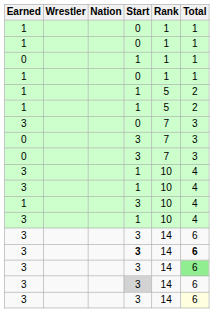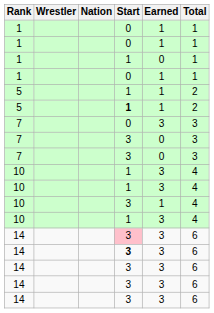 <table class="wikitable sortable" style="text-align:center;">
 <tr>
-<th>Earned</th>
+<th>Rank</th>
 <th>Wrestler</th>
 <th>Nation</th>
 <th>Start</th>
-<th>Rank</th>
+<th>Earned</th>
 <th>Total</th>
 </tr>
 <tr style="background:#cfc;">
 <td>1</td>
 <td align=left></td>
 <td align=left></td>
 <td>0</td>
 <td>1</td>
 <td>1</td>
 </tr>
 <tr style="background:#cfc;">
 <td>1</td>
 <td align=left></td>
 <td align=left></td>
 <td>0</td>
 <td>1</td>
 <td>1</td>
 </tr>
 <tr style="background:#cfc;">
-<td>0</td>
+<td>1</td>
 <td align=left></td>
 <td align=left></td>
 <td>1</td>
-<td>1</td>
+<td>0</td>
 <td>1</td>
 </tr>
 <tr style="background:#cfc;">
 <td>1</td>
 <td align=left></td>
 <td align=left></td>
 <td>0</td>
 <td>1</td>
 <td>1</td>
 </tr>
 <tr style="background:#cfc;">
-<td>1</td>
+<td>5</td>
 <td align=left></td>
 <td align=left></td>
 <td>1</td>
-<td>5</td>
+<td>1</td>
 <td>2</td>
 </tr>
 <tr style="background:#cfc;">
+<td>5</td>
+<td align=left></td>
+<td align=left></td>
+<td><strong>1</strong></td>
 <td>1</td>
+<td>2</td>
+</tr>
+<tr style="background:#cfc;">
+<td>7</td>
+<td align=left></td>
+<td align=left></td>
+<td>0</td>
+<td>3</td>
+<td>3</td>
+</tr>
+<tr style="background:#cfc;">
+<td>7</td>
+<td align=left></td>
+<td align=left></td>
+<td>3</td>
+<td>0</td>
+<td>3</td>
+</tr>
+<tr style="background:#cfc;">
+<td>7</td>
+<td align=left></td>
+<td align=left></td>
+<td>3</td>
+<td>0</td>
+<td>3</td>
+</tr>
+<tr style="background:#cfc;">
+<td>10</td>
 <td align=left></td>
 <td align=left></td>
 <td>1</td>
-<td>5</td>
-<td>2</td>
+<td>3</td>
+<td>4</td>
 </tr>
 <tr style="background:#cfc;">
-<td>3</td>
+<td>10</td>
 <td align=left></td>
 <td align=left></td>
-<td>0</td>
-<td>7</td>
+<td>1</td>
 <td>3</td>
+<td>4</td>
 </tr>
 <tr style="background:#cfc;">
-<td>0</td>
+<td>10</td>
 <td align=left></td>
 <td align=left></td>
 <td>3</td>
-<td>7</td>
-<td>3</td>
+<td>1</td>
+<td>4</td>
 </tr>
 <tr style="background:#cfc;">
-<td>0</td>
+<td>10</td>
+<td align=left></td>
+<td align=left></td>
+<td>1</td>
+<td>3</td>
+<td>4</td>
+</tr>
+<tr>
+<td>14</td>
+<td align=left></td>
+<td align=left></td>
+<td style="background: pink;">3</td>
+<td>3</td>
+<td>6</td>
+</tr>
+<tr>
+<td>14</td>
+<td align=left></td>
+<td align=left></td>
+<td><strong>3</strong></td>
+<td>3</td>
+<td>6</td>
+</tr>
+<tr>
+<td>14</td>
 <td align=left></td>
 <td align=left></td>
 <td>3</td>
-<td>7</td>
 <td>3</td>
+<td>6</td>
 </tr>
-<tr style="background:#cfc;">
-<td>3</td>
-<td align=left></td>
-<td align=left></td>
-<td>1</td>
-<td>10</td>
-<td>4</td>
-</tr>
-<tr style="background:#cfc;">
-<td>3</td>
-<td align=left></td>
-<td align=left></td>
-<td>1</td>
-<td>10</td>
-<td>4</td>
-</tr>
-<tr style="background:#cfc;">
-<td>1</td>
+<tr>
+<td>14</td>
 <td align=left></td>
 <td align=left></td>
 <td>3</td>
-<td>10</td>
-<td>4</td>
-</tr>
-<tr style="background:#cfc;">
 <td>3</td>
-<td align=left></td>
-<td align=left></td>
-<td>1</td>
-<td>10</td>
-<td>4</td>
+<td>6</td>
 </tr>
 <tr>
-<td>3</td>
+<td>14</td>
 <td align=left></td>
 <td align=left></td>
 <td>3</td>
-<td>14</td>
+<td>3</td>
 <td>6</td>
 </tr>
-<tr>
-<td>3</td>
-<td align=left></td>
-<td align=left></td>
-<td><strong>3</strong></td>
-<td>14</td>
-<td><strong>6</strong></td>
-</tr>
-<tr>
-<td>3</td>
-<td align=left></td>
-<td align=left></td>
-<td>3</td>
-<td>14</td>
-<td style="background: lightgreen;">6</td>
-</tr>
-<tr>
-<td>3</td>
-<td align=left></td>
-<td align=left></td>
-<td style="background: lightgrey;">3</td>
-<td>14</td>
-<td>6</td>
-</tr>
-<tr>
-<td>3</td>
-<td align=left></td>
-<td align=left></td>
-<td>3</td>
-<td>14</td>
-<td style="background: lightyellow;">6</td>
-</tr>
 </table>
